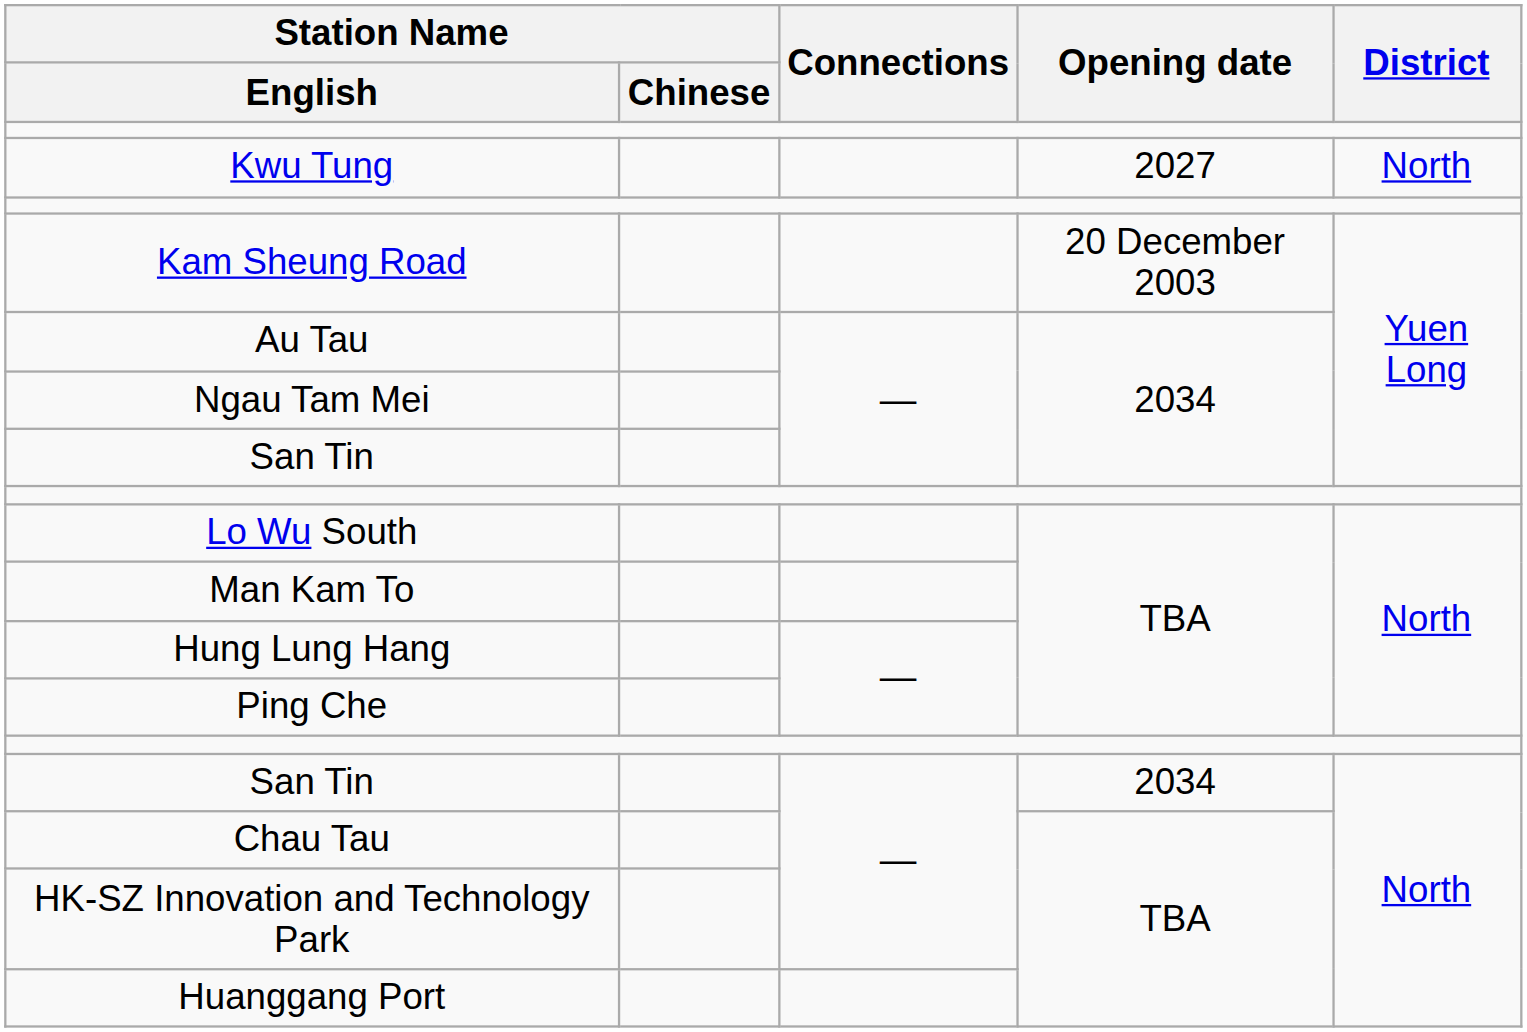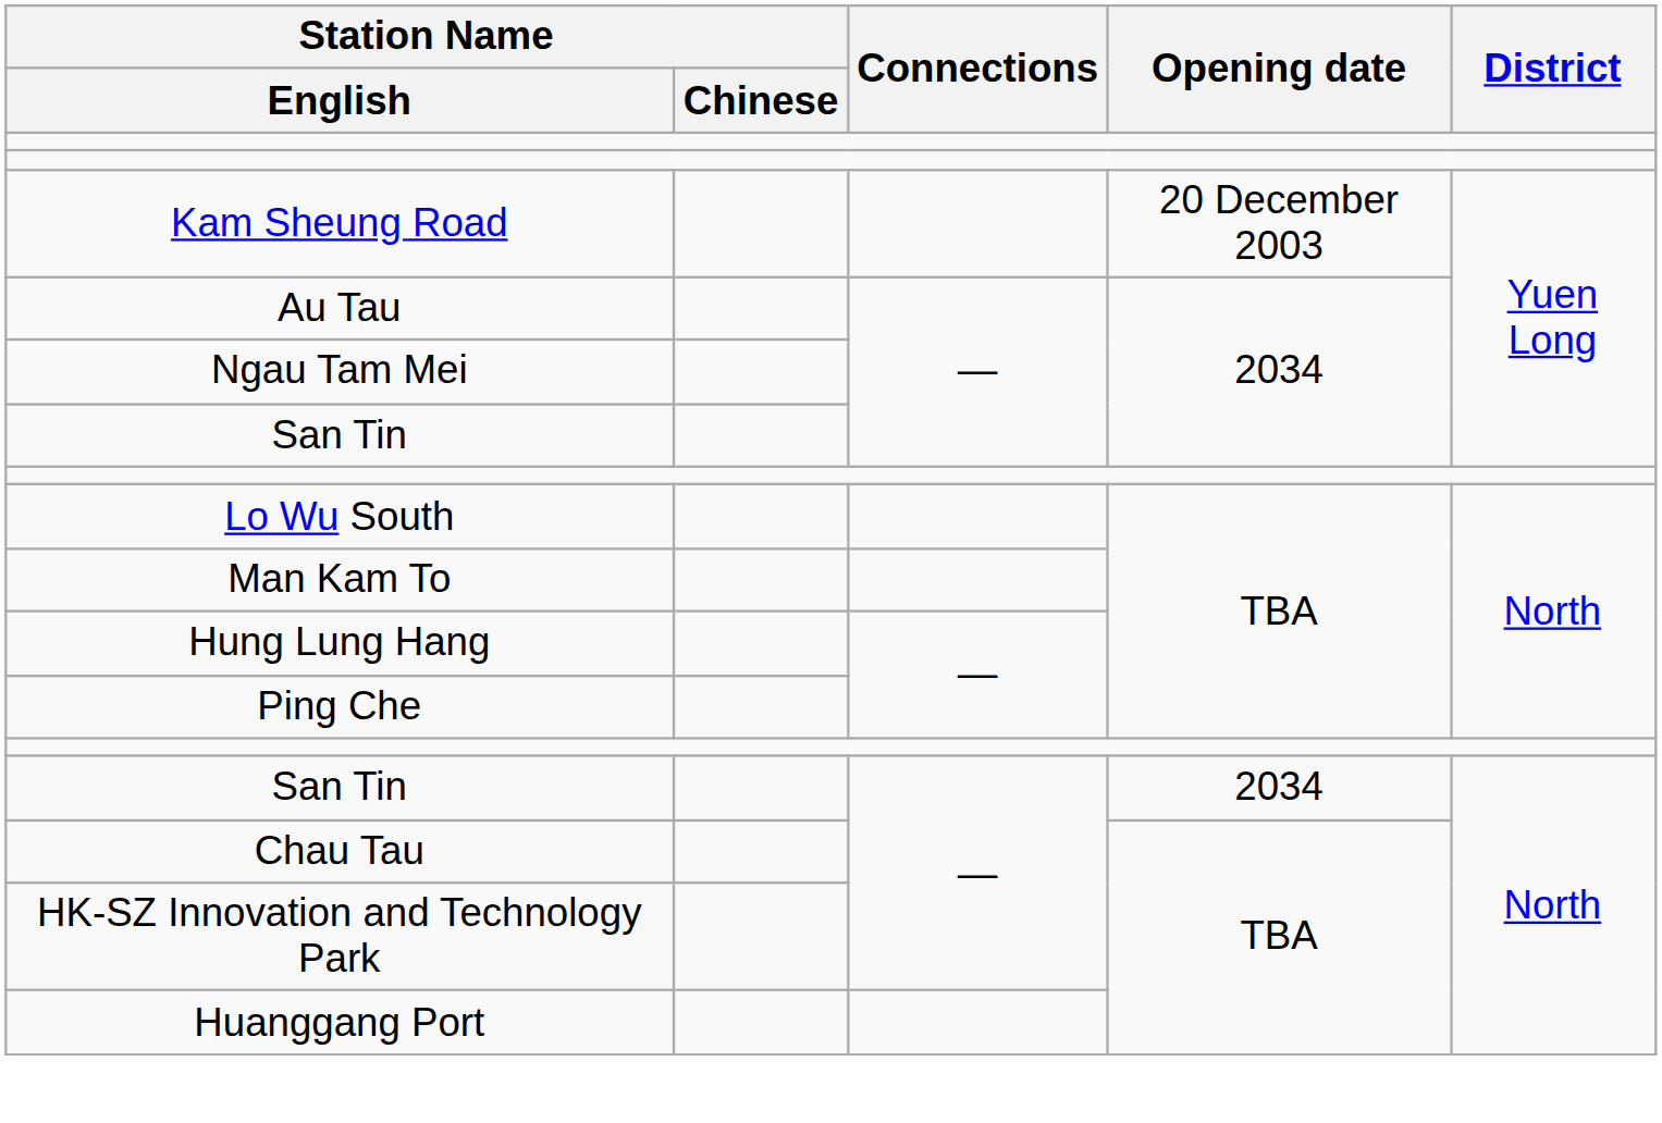 <table class="wikitable" style="width: 75%; margin: 0.5em auto; text-align: center;">
 <tr>
 <th colspan="2">Station Name</th>
 <th rowspan="2">Connections</th>
 <th rowspan="2">Opening date</th>
 <th rowspan="2"><a href='#'>District</a></th>
 </tr>
 <tr>
 <th>English</th>
 <th>Chinese</th>
 </tr>
 <tr>
 <td colspan="5"></td>
-</tr>
-<tr>
-<td><a href='#'>Kwu Tung</a></td>
-<td></td>
-<td></td>
-<td>2027</td>
-<td><a href='#'>North</a></td>
 </tr>
 <tr>
 <td colspan="5"></td>
 </tr>
 <tr>
 <td><a href='#'>Kam Sheung Road</a></td>
 <td></td>
 <td></td>
 <td>20 December 2003</td>
 <td rowspan="4"><a href='#'>Yuen Long</a></td>
 </tr>
 <tr>
 <td>Au Tau</td>
 <td></td>
 <td rowspan="3"; text-align="center">—</td>
 <td rowspan="3">2034</td>
 </tr>
 <tr>
 <td>Ngau Tam Mei</td>
 <td></td>
 </tr>
 <tr>
 <td>San Tin</td>
 <td></td>
 </tr>
 <tr>
 <td colspan="5"></td>
 </tr>
 <tr>
 <td><a href='#'>Lo Wu</a> South</td>
 <td></td>
 <td></td>
 <td rowspan="4">TBA</td>
 <td rowspan="4"><a href='#'>North</a></td>
 </tr>
 <tr>
 <td>Man Kam To</td>
 <td></td>
 <td></td>
 </tr>
 <tr>
 <td>Hung Lung Hang</td>
 <td></td>
 <td rowspan="2"; text-align="center">—</td>
 </tr>
 <tr>
 <td>Ping Che</td>
 <td></td>
 </tr>
 <tr>
 <td colspan="5"></td>
 </tr>
 <tr>
 <td>San Tin</td>
 <td></td>
 <td rowspan="3"; text-align="center">—</td>
 <td>2034</td>
 <td rowspan="4"><a href='#'>North</a></td>
 </tr>
 <tr>
 <td>Chau Tau</td>
 <td></td>
 <td rowspan="3">TBA</td>
 </tr>
 <tr>
 <td>HK-SZ Innovation and Technology Park</td>
 <td></td>
 </tr>
 <tr>
 <td>Huanggang Port</td>
 <td></td>
 <td></td>
 </tr>
 </table>
